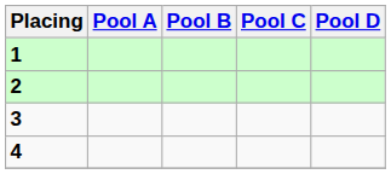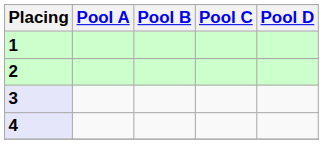 <table class=wikitable style="border:1px solid #AAAAAA;">
 <tr>
 <th>Placing</th>
 <th><a href='#'>Pool A</a></th>
 <th><a href='#'>Pool B</a></th>
 <th><a href='#'>Pool C</a></th>
 <th><a href='#'>Pool D</a></th>
 </tr>
 <tr style="background: #ccffcc;">
 <td><strong>1</strong></td>
 <td></td>
 <td></td>
 <td></td>
 <td></td>
 </tr>
 <tr style="background: #ccffcc;">
 <td><strong>2</strong></td>
 <td></td>
 <td></td>
 <td></td>
 <td></td>
 </tr>
 <tr>
-<td><strong>3</strong></td>
+<td style="background: lavender;"><strong>3</strong></td>
 <td></td>
 <td></td>
 <td></td>
 <td></td>
 </tr>
 <tr>
-<td><strong>4</strong></td>
+<td style="background: lavender;"><strong>4</strong></td>
 <td></td>
 <td></td>
 <td></td>
 <td></td>
 </tr>
 <tr>
 </tr>
 </table>
